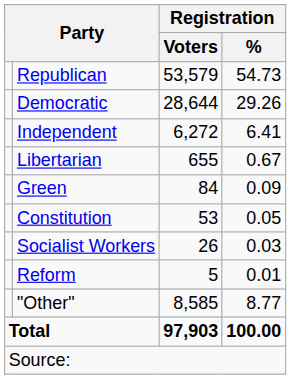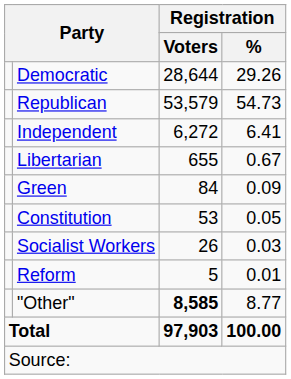 <table class="wikitable">
 <tr>
 <th colspan="2" rowspan="2">Party</th>
 <th colspan="2">Registration</th>
 </tr>
 <tr>
 <th>Voters</th>
 <th>%</th>
 </tr>
 <tr>
 <td style="background-color:"></td>
+<td><a href='#'>Democratic</a></td>
+<td style="text-align:right;">28,644</td>
+<td style="text-align:right;">29.26</td>
+</tr>
+<tr>
+<td style="background-color:"></td>
 <td><a href='#'>Republican</a></td>
 <td style="text-align:right;">53,579</td>
 <td style="text-align:right;">54.73</td>
-</tr>
-<tr>
-<td style="background-color:"></td>
-<td><a href='#'>Democratic</a></td>
-<td style="text-align:right;">28,644</td>
-<td style="text-align:right;">29.26</td>
 </tr>
 <tr>
 <td style="background-color:"></td>
 <td><a href='#'>Independent</a></td>
 <td style="text-align:right;">6,272</td>
 <td style="text-align:right;">6.41</td>
 </tr>
 <tr>
 <td style="background-color:"></td>
 <td><a href='#'>Libertarian</a></td>
 <td style="text-align:right;">655</td>
 <td style="text-align:right;">0.67</td>
 </tr>
 <tr>
 <td style="background-color:"></td>
 <td><a href='#'>Green</a></td>
 <td style="text-align:right;">84</td>
 <td style="text-align:right;">0.09</td>
 </tr>
 <tr>
 <td style="background-color:"></td>
 <td><a href='#'>Constitution</a></td>
 <td style="text-align:right;">53</td>
 <td style="text-align:right;">0.05</td>
 </tr>
 <tr>
 <td style="background-color:"></td>
 <td><a href='#'>Socialist Workers</a></td>
 <td style="text-align:right;">26</td>
 <td style="text-align:right;">0.03</td>
 </tr>
 <tr>
 <td style="background-color:"></td>
 <td><a href='#'>Reform</a></td>
 <td style="text-align:right;">5</td>
 <td style="text-align:right;">0.01</td>
 </tr>
 <tr>
 <td></td>
 <td>"Other"</td>
-<td style="text-align:right;">8,585</td>
+<td style="text-align:right;"><strong>8,585</strong></td>
 <td style="text-align:right;">8.77</td>
 </tr>
 <tr>
 <td colspan="2"><strong>Total</strong></td>
 <td style="text-align:right;"><strong>97,903</strong></td>
 <td style="text-align:right;"><strong>100.00</strong></td>
 </tr>
 <tr>
 <td colspan="4">Source: <em></em></td>
 </tr>
 </table>
